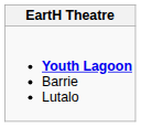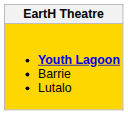 <table class="wikitable plainrowheaders">
 <tr>
 <th>EartH Theatre</th>
 </tr>
 <tr>
-<td valign="top"><br><ul><li><strong><a href='#'>Youth Lagoon</a></strong></li><li>Barrie</li><li>Lutalo</li></ul></td>
+<td valign="top" style="background: gold;"><br><ul><li><strong><a href='#'>Youth Lagoon</a></strong></li><li>Barrie</li><li>Lutalo</li></ul></td>
 </tr>
 </table>
